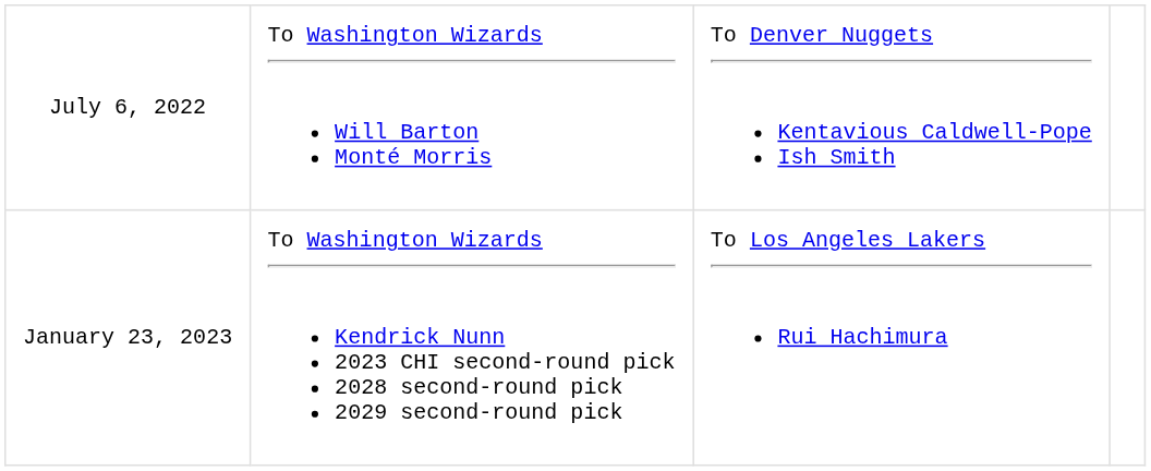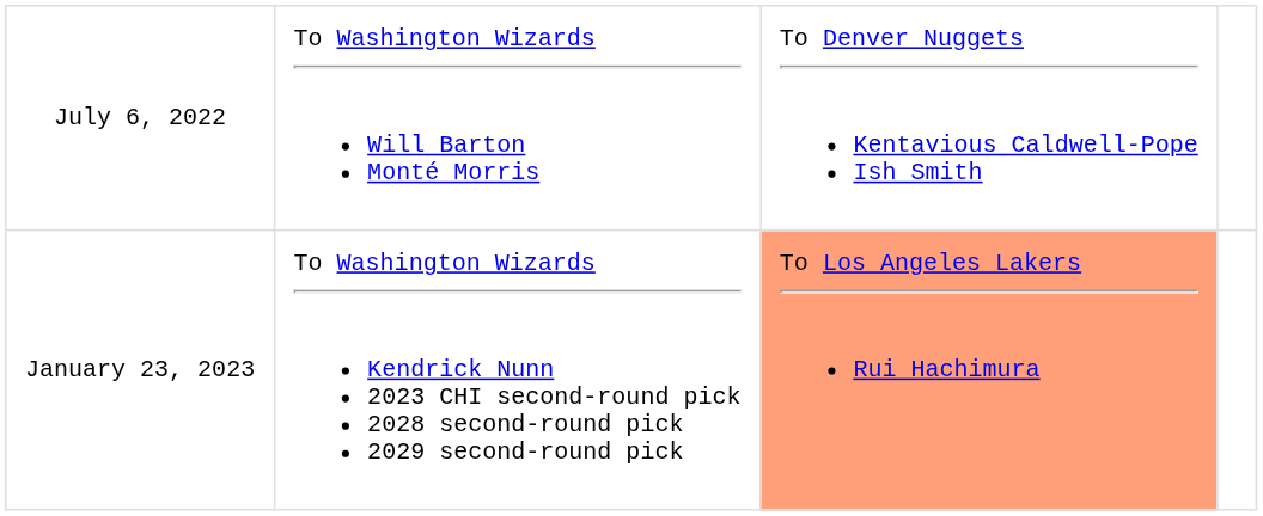 <table border="1" style="border-collapse:collapse; text-align: center" cellpadding="10" bordercolor="#DFDFDF">
 <tr>
 <td>July 6, 2022</td>
 <td align="left" valign="top">To <a href='#'>Washington Wizards</a><hr><br><ul><li><a href='#'>Will Barton</a></li><li><a href='#'>Monté Morris</a></li></ul></td>
 <td align="left" valign="top">To <a href='#'>Denver Nuggets</a><hr><br><ul><li><a href='#'>Kentavious Caldwell-Pope</a></li><li><a href='#'>Ish Smith</a></li></ul></td>
 <td></td>
 </tr>
 <tr>
 <td>January 23, 2023</td>
 <td align="left" valign="top">To <a href='#'>Washington Wizards</a><hr><br><ul><li><a href='#'>Kendrick Nunn</a></li><li>2023 CHI second-round pick</li><li>2028 second-round pick</li><li>2029 second-round pick</li></ul></td>
-<td align="left" valign="top">To <a href='#'>Los Angeles Lakers</a><hr><br><ul><li><a href='#'>Rui Hachimura</a></li></ul></td>
+<td align="left" valign="top" style="background: lightsalmon;">To <a href='#'>Los Angeles Lakers</a><hr><br><ul><li><a href='#'>Rui Hachimura</a></li></ul></td>
 <td></td>
 </tr>
 </table>
